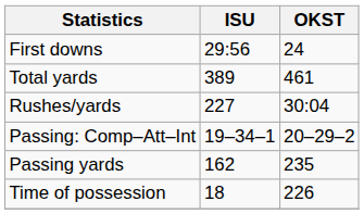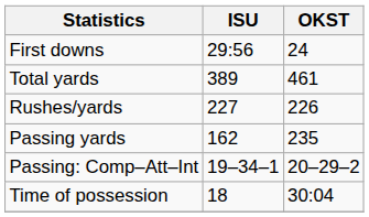 <table class="wikitable" style="float: left;">
 <tr>
 <th>Statistics</th>
 <th>ISU</th>
 <th>OKST</th>
 </tr>
 <tr>
 <td>First downs</td>
 <td>29:56</td>
 <td>24</td>
 </tr>
 <tr>
 <td>Total yards</td>
 <td>389</td>
 <td>461</td>
 </tr>
 <tr>
 <td>Rushes/yards</td>
 <td>227</td>
-<td>30:04</td>
+<td>226</td>
+</tr>
+<tr>
+<td>Passing yards</td>
+<td>162</td>
+<td>235</td>
 </tr>
 <tr>
 <td>Passing: Comp–Att–Int</td>
 <td>19–34–1</td>
 <td>20–29–2</td>
 </tr>
 <tr>
-<td>Passing yards</td>
-<td>162</td>
-<td>235</td>
-</tr>
-<tr>
 <td>Time of possession</td>
 <td>18</td>
-<td>226</td>
+<td>30:04</td>
 </tr>
 <tr>
 </tr>
 </table>
